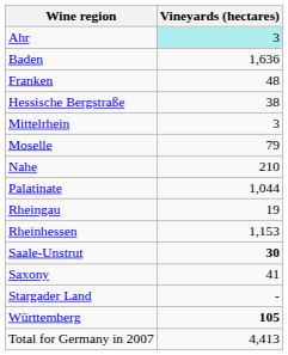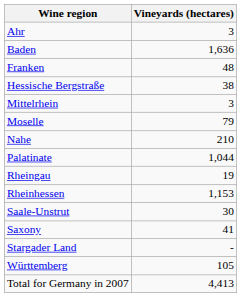 <table class="wikitable">
 <tr>
 <th>Wine region</th>
 <th>Vineyards (hectares)</th>
 </tr>
 <tr>
 <td><a href='#'>Ahr</a></td>
-<td style="background: paleturquoise; text-align:right">3</td>
+<td style="text-align:right">3</td>
 </tr>
 <tr>
 <td><a href='#'>Baden</a></td>
 <td style="text-align:right">1,636</td>
 </tr>
 <tr>
 <td><a href='#'>Franken</a></td>
 <td style="text-align:right">48</td>
 </tr>
 <tr>
 <td><a href='#'>Hessische Bergstraße</a></td>
 <td style="text-align:right">38</td>
 </tr>
 <tr>
 <td><a href='#'>Mittelrhein</a></td>
 <td style="text-align:right">3</td>
 </tr>
 <tr>
 <td><a href='#'>Moselle</a></td>
 <td style="text-align:right">79</td>
 </tr>
 <tr>
 <td><a href='#'>Nahe</a></td>
 <td style="text-align:right">210</td>
 </tr>
 <tr>
 <td><a href='#'>Palatinate</a></td>
 <td style="text-align:right">1,044</td>
 </tr>
 <tr>
 <td><a href='#'>Rheingau</a></td>
 <td style="text-align:right">19</td>
 </tr>
 <tr>
 <td><a href='#'>Rheinhessen</a></td>
 <td style="text-align:right">1,153</td>
 </tr>
 <tr>
 <td><a href='#'>Saale-Unstrut</a></td>
-<td style="text-align:right"><strong>30</strong></td>
+<td style="text-align:right">30</td>
 </tr>
 <tr>
 <td><a href='#'>Saxony</a></td>
 <td style="text-align:right">41</td>
 </tr>
 <tr>
 <td><a href='#'>Stargader Land</a></td>
 <td style="text-align:right">-</td>
 </tr>
 <tr>
 <td><a href='#'>Württemberg</a></td>
-<td style="text-align:right"><strong>105</strong></td>
+<td style="text-align:right">105</td>
 </tr>
 <tr>
 <td>Total for Germany in 2007</td>
 <td style="text-align:right">4,413</td>
 </tr>
 </table>
